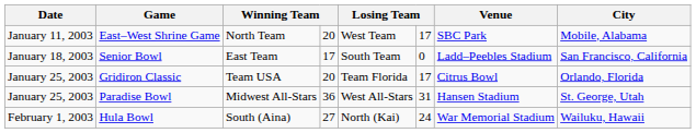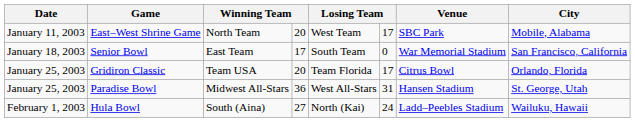 <table class="wikitable" style="font-size:90%;">
 <tr>
 <th>Date</th>
 <th>Game</th>
 <th colspan=2>Winning Team</th>
 <th colspan=2>Losing Team</th>
 <th>Venue</th>
 <th>City</th>
 </tr>
 <tr>
 <td>January 11, 2003</td>
 <td><a href='#'>East–West Shrine Game</a></td>
 <td>North Team</td>
 <td>20</td>
 <td>West Team</td>
 <td>17</td>
 <td><a href='#'>SBC Park</a></td>
 <td><a href='#'>Mobile, Alabama</a></td>
 </tr>
 <tr>
 <td>January 18, 2003</td>
 <td><a href='#'>Senior Bowl</a></td>
 <td>East Team</td>
 <td>17</td>
 <td>South Team</td>
 <td>0</td>
-<td><a href='#'>Ladd–Peebles Stadium</a></td>
+<td><a href='#'>War Memorial Stadium</a></td>
 <td><a href='#'>San Francisco, California</a></td>
 </tr>
 <tr>
 <td>January 25, 2003</td>
 <td><a href='#'>Gridiron Classic</a></td>
 <td>Team USA</td>
 <td>20</td>
 <td>Team Florida</td>
 <td>17</td>
 <td><a href='#'>Citrus Bowl</a></td>
 <td><a href='#'>Orlando, Florida</a></td>
 </tr>
 <tr>
 <td>January 25, 2003</td>
 <td><a href='#'>Paradise Bowl</a></td>
 <td>Midwest All-Stars</td>
 <td>36</td>
 <td>West All-Stars</td>
 <td>31</td>
 <td><a href='#'>Hansen Stadium</a></td>
 <td><a href='#'>St. George, Utah</a></td>
 </tr>
 <tr>
 <td>February 1, 2003</td>
 <td><a href='#'>Hula Bowl</a></td>
 <td>South (Aina)</td>
 <td>27</td>
 <td>North (Kai)</td>
 <td>24</td>
-<td><a href='#'>War Memorial Stadium</a></td>
+<td><a href='#'>Ladd–Peebles Stadium</a></td>
 <td><a href='#'>Wailuku, Hawaii</a></td>
 </tr>
 </table>
